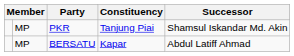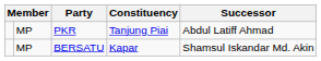 <table class="sortable wikitable">
 <tr>
 <th colspan="2" valign="top">Member</th>
 <th valign="top">Party</th>
 <th valign="top">Constituency</th>
 <th class="unsortable" valign="top">Successor</th>
 </tr>
 <tr>
 <td></td>
 <td> MP</td>
 <td><a href='#'>PKR</a></td>
 <td><a href='#'>Tanjung Piai</a></td>
-<td>Shamsul Iskandar Md. Akin</td>
+<td>Abdul Latiff Ahmad</td>
 </tr>
 <tr>
 <td></td>
 <td> MP</td>
 <td><a href='#'>BERSATU</a></td>
 <td><a href='#'>Kapar</a></td>
-<td>Abdul Latiff Ahmad</td>
+<td>Shamsul Iskandar Md. Akin</td>
 </tr>
 </table>
